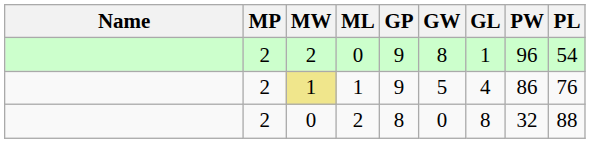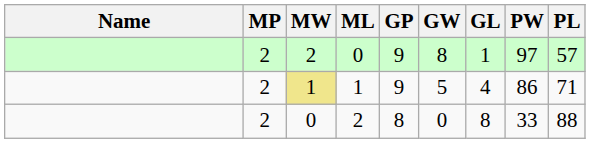 <table class=wikitable style="text-align:center">
 <tr>
 <th width=175>Name</th>
 <th width=20>MP</th>
 <th width=20>MW</th>
 <th width=20>ML</th>
 <th width=20>GP</th>
 <th width=20>GW</th>
 <th width=20>GL</th>
 <th width=20>PW</th>
 <th width=20>PL</th>
 </tr>
 <tr style="background-color:#ccffcc;">
 <td style="text-align:left;"><strong></strong></td>
 <td>2</td>
 <td>2</td>
 <td>0</td>
 <td>9</td>
 <td>8</td>
 <td>1</td>
-<td>96</td>
-<td>54</td>
+<td>97</td>
+<td>57</td>
 </tr>
 <tr>
 <td style="text-align:left;"></td>
 <td>2</td>
 <td style="background: khaki;">1</td>
 <td>1</td>
 <td>9</td>
 <td>5</td>
 <td>4</td>
 <td>86</td>
-<td>76</td>
+<td>71</td>
 </tr>
 <tr>
 <td style="text-align:left;"></td>
 <td>2</td>
 <td>0</td>
 <td>2</td>
 <td>8</td>
 <td>0</td>
 <td>8</td>
-<td>32</td>
+<td>33</td>
 <td>88</td>
 </tr>
 </table>
